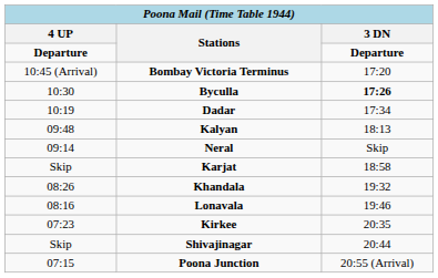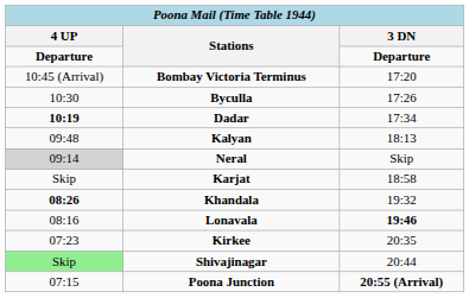 <table class="wikitable" width="45%" style="text-align: center;">
 <tr>
 <th colspan="5" align="center" style="background:#ADD8E6;"><span><em>Poona Mail (Time Table 1944)</em></span></th>
 </tr>
 <tr>
 <th>4 UP</th>
 <th rowspan="2">Stations</th>
 <th>3 DN</th>
 </tr>
 <tr>
 <td><strong>Departure</strong></td>
 <td><strong>Departure</strong></td>
 </tr>
 <tr>
 <td>10:45 (Arrival)</td>
 <td><strong>Bombay Victoria Terminus</strong></td>
 <td>17:20</td>
 </tr>
 <tr>
 <td>10:30</td>
 <td><strong>Byculla</strong></td>
-<td><strong>17:26</strong></td>
+<td>17:26</td>
 </tr>
 <tr>
-<td>10:19</td>
+<td><strong>10:19</strong></td>
 <td><strong>Dadar</strong></td>
 <td>17:34</td>
 </tr>
 <tr>
 <td>09:48</td>
 <td><strong>Kalyan</strong></td>
 <td>18:13</td>
 </tr>
 <tr>
-<td>09:14</td>
+<td style="background: lightgrey;">09:14</td>
 <td><strong>Neral</strong></td>
 <td>Skip</td>
 </tr>
 <tr>
 <td>Skip</td>
 <td><strong>Karjat</strong></td>
 <td>18:58</td>
 </tr>
 <tr>
-<td>08:26</td>
+<td><strong>08:26</strong></td>
 <td><strong>Khandala</strong></td>
 <td>19:32</td>
 </tr>
 <tr>
 <td>08:16</td>
 <td><strong>Lonavala</strong></td>
-<td>19:46</td>
+<td><strong>19:46</strong></td>
 </tr>
 <tr>
 <td>07:23</td>
 <td><strong>Kirkee</strong></td>
 <td>20:35</td>
 </tr>
 <tr>
-<td>Skip</td>
+<td style="background: lightgreen;">Skip</td>
 <td><strong>Shivajinagar</strong></td>
 <td>20:44</td>
 </tr>
 <tr>
 <td>07:15</td>
 <td><strong>Poona Junction</strong></td>
-<td>20:55 (Arrival)</td>
+<td><strong>20:55 (Arrival)</strong></td>
 </tr>
 </table>
